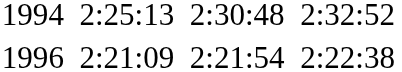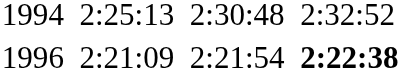 <table>
 <tr>
 <td>1994</td>
 <td></td>
 <td>2:25:13</td>
 <td></td>
 <td>2:30:48</td>
 <td></td>
 <td>2:32:52</td>
 </tr>
 <tr>
 <td>1996</td>
 <td></td>
 <td>2:21:09</td>
 <td></td>
 <td>2:21:54</td>
 <td></td>
-<td>2:22:38</td>
+<td><strong>2:22:38</strong></td>
 </tr>
 </table>
